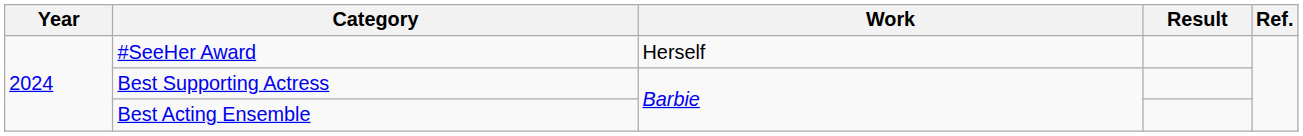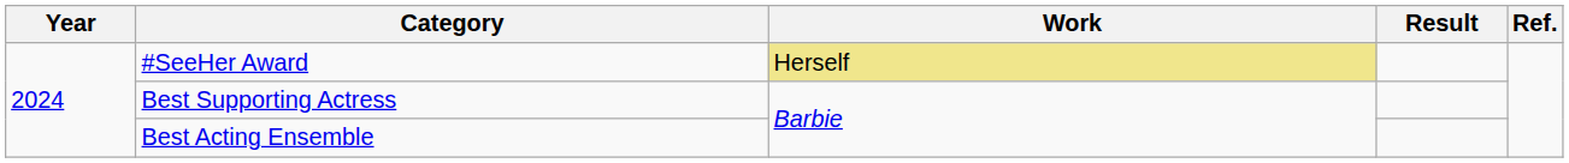 <table class=wikitable>
 <tr>
 <th scope="col" style="width:5em;">Year</th>
 <th scope="col" style="width:26em;">Category</th>
 <th scope="col" style="width:25em;">Work</th>
 <th scope="col" style="width:5em;">Result</th>
 <th>Ref.</th>
 </tr>
 <tr>
 <td rowspan="3"><a href='#'>2024</a></td>
 <td><a href='#'>#SeeHer Award</a></td>
-<td>Herself</td>
+<td style="background: khaki;">Herself</td>
 <td></td>
 <td rowspan="3"></td>
 </tr>
 <tr>
 <td><a href='#'>Best Supporting Actress</a></td>
 <td rowspan="2"><em><a href='#'>Barbie</a></em></td>
 <td></td>
 </tr>
 <tr>
 <td><a href='#'>Best Acting Ensemble</a></td>
 <td></td>
 </tr>
 </table>
